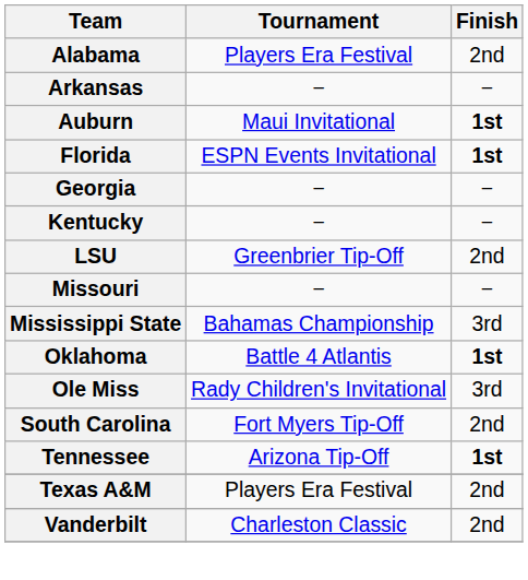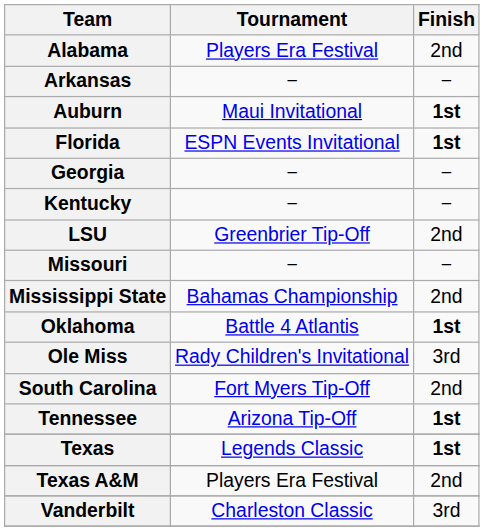 <table class="wikitable">
 <tr>
 <th>Team</th>
 <th>Tournament</th>
 <th>Finish</th>
 </tr>
 <tr style="text-align:center;">
 <th>Alabama</th>
 <td style="text-align:center;"><a href='#'>Players Era Festival</a></td>
 <td>2nd</td>
 </tr>
 <tr style="text-align:center;">
 <th>Arkansas</th>
 <td style="text-align:center;">−</td>
 <td>−</td>
 </tr>
 <tr style="text-align:center;">
 <th>Auburn</th>
 <td style="text-align:center;"><a href='#'>Maui Invitational</a></td>
 <td><strong>1st</strong></td>
 </tr>
 <tr style="text-align:center;">
 <th>Florida</th>
 <td style="text-align:center;"><a href='#'>ESPN Events Invitational</a></td>
 <td><strong>1st</strong></td>
 </tr>
 <tr style="text-align:center;">
 <th>Georgia</th>
 <td style="text-align:center;">−</td>
 <td>−</td>
 </tr>
 <tr style="text-align:center;">
 <th>Kentucky</th>
 <td style="text-align:center;">−</td>
 <td>−</td>
 </tr>
 <tr style="text-align:center;">
 <th>LSU</th>
 <td style="text-align:center;"><a href='#'>Greenbrier Tip-Off</a></td>
 <td>2nd</td>
 </tr>
 <tr style="text-align:center;">
 <th>Missouri</th>
 <td style="text-align:center;">−</td>
 <td>−</td>
 </tr>
 <tr style="text-align:center;">
 <th>Mississippi State</th>
 <td style="text-align:center;"><a href='#'>Bahamas Championship</a></td>
-<td>3rd</td>
+<td>2nd</td>
 </tr>
 <tr style="text-align:center;">
 <th>Oklahoma</th>
 <td style="text-align:center;"><a href='#'>Battle 4 Atlantis</a></td>
 <td><strong>1st</strong></td>
 </tr>
 <tr style="text-align:center;">
 <th>Ole Miss</th>
 <td style="text-align:center;"><a href='#'>Rady Children's Invitational</a></td>
 <td>3rd</td>
 </tr>
 <tr style="text-align:center;">
 <th>South Carolina</th>
 <td style="text-align:center;"><a href='#'>Fort Myers Tip-Off</a></td>
 <td>2nd</td>
 </tr>
 <tr style="text-align:center;">
 <th>Tennessee</th>
 <td style="text-align:center;"><a href='#'>Arizona Tip-Off</a></td>
 <td><strong>1st</strong></td>
 </tr>
 <tr>
 </tr>
+<tr style="text-align:center;">
+<th>Texas</th>
+<td style="text-align:center;"><a href='#'>Legends Classic</a></td>
+<td><strong>1st</strong></td>
+</tr>
 <tr>
 </tr>
 <tr style="text-align:center;">
 <th>Texas A&M</th>
 <td style="text-align:center;">Players Era Festival</td>
 <td>2nd</td>
 </tr>
 <tr>
 </tr>
 <tr style="text-align:center;">
 <th>Vanderbilt</th>
 <td style="text-align:center;"><a href='#'>Charleston Classic</a></td>
-<td>2nd</td>
+<td>3rd</td>
 </tr>
 <tr>
 </tr>
 </table>
